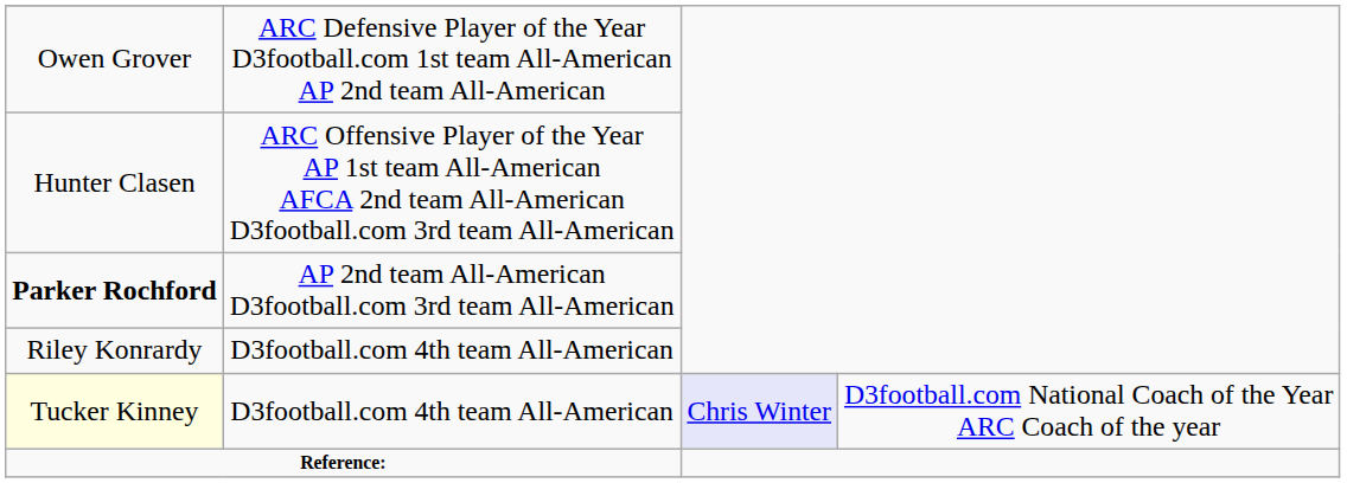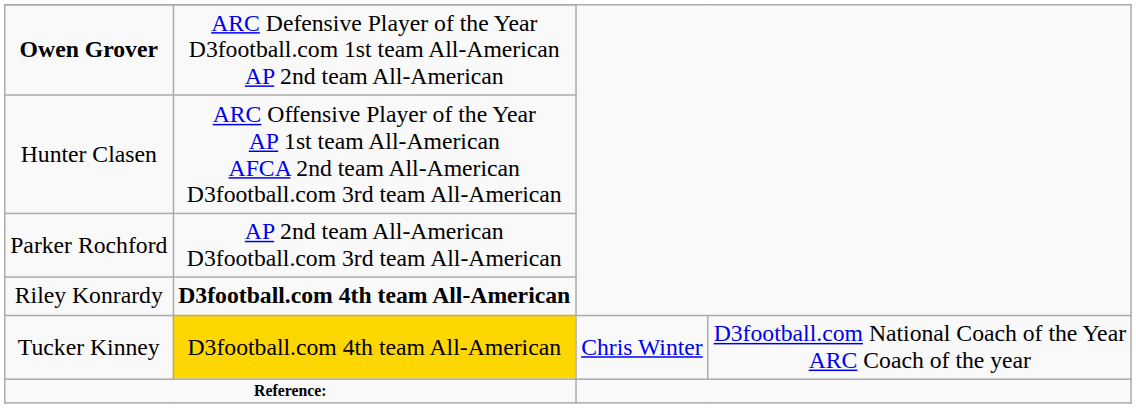 <table class="wikitable sortable sortable" style="text-align: center">
 <tr align=center>
 </tr>
 <tr>
-<td>Owen Grover</td>
+<td><strong>Owen Grover</strong></td>
 <td><a href='#'>ARC</a> Defensive Player of the Year<br>D3football.com 1st team All-American<br><a href='#'>AP</a> 2nd team All-American</td>
 </tr>
 <tr>
 <td>Hunter Clasen</td>
 <td><a href='#'>ARC</a> Offensive Player of the Year<br><a href='#'>AP</a> 1st team All-American<br><a href='#'>AFCA</a> 2nd team All-American<br>D3football.com 3rd team All-American</td>
 </tr>
 <tr>
-<td><strong>Parker Rochford</strong></td>
+<td>Parker Rochford</td>
 <td><a href='#'>AP</a> 2nd team All-American<br>D3football.com 3rd team All-American</td>
 </tr>
 <tr>
 <td>Riley Konrardy</td>
-<td>D3football.com 4th team All-American</td>
+<td><strong>D3football.com 4th team All-American</strong></td>
 </tr>
 <tr>
-<td style="background: lightyellow;">Tucker Kinney</td>
-<td>D3football.com 4th team All-American<br></td>
-<td style="background: lavender;"><a href='#'>Chris Winter</a></td>
+<td>Tucker Kinney</td>
+<td style="background: gold;">D3football.com 4th team All-American<br></td>
+<td><a href='#'>Chris Winter</a></td>
 <td><a href='#'>D3football.com</a> National Coach of the Year<br><a href='#'>ARC</a> Coach of the year</td>
 </tr>
 <tr class="sortbottom">
 <td colspan="2"  style="font-size:8pt; text-align:center;"><strong>Reference:</strong></td>
 </tr>
 </table>
